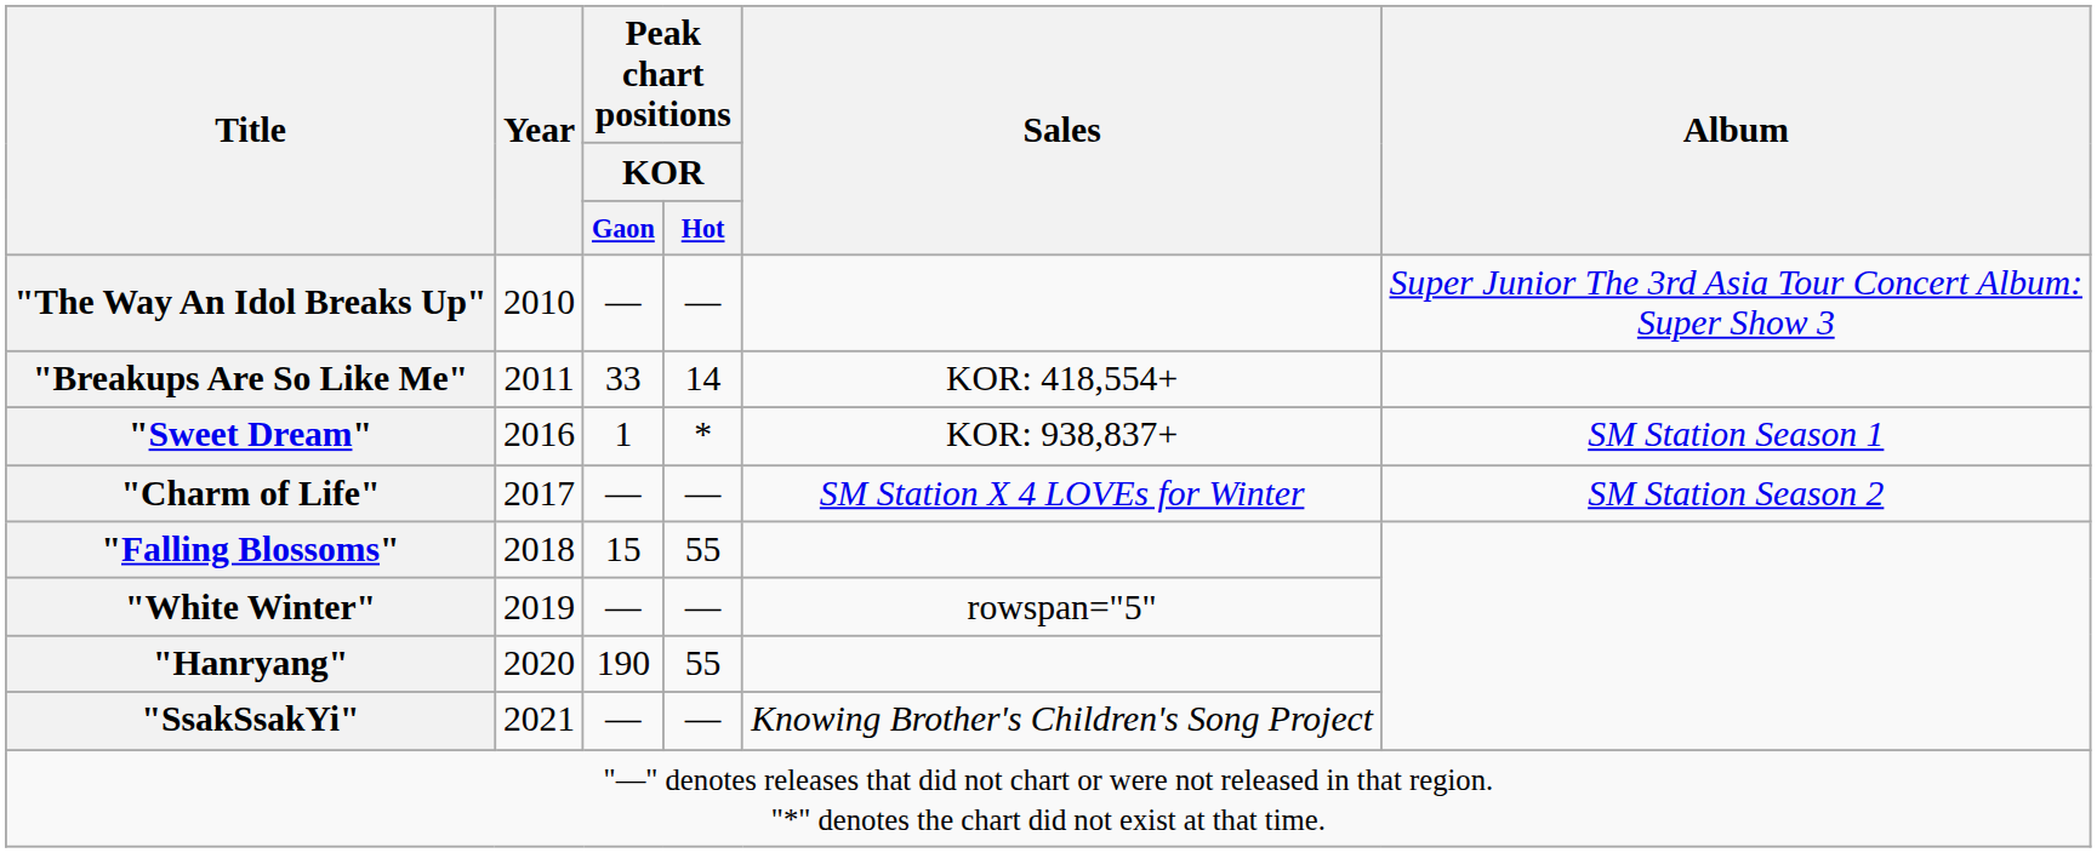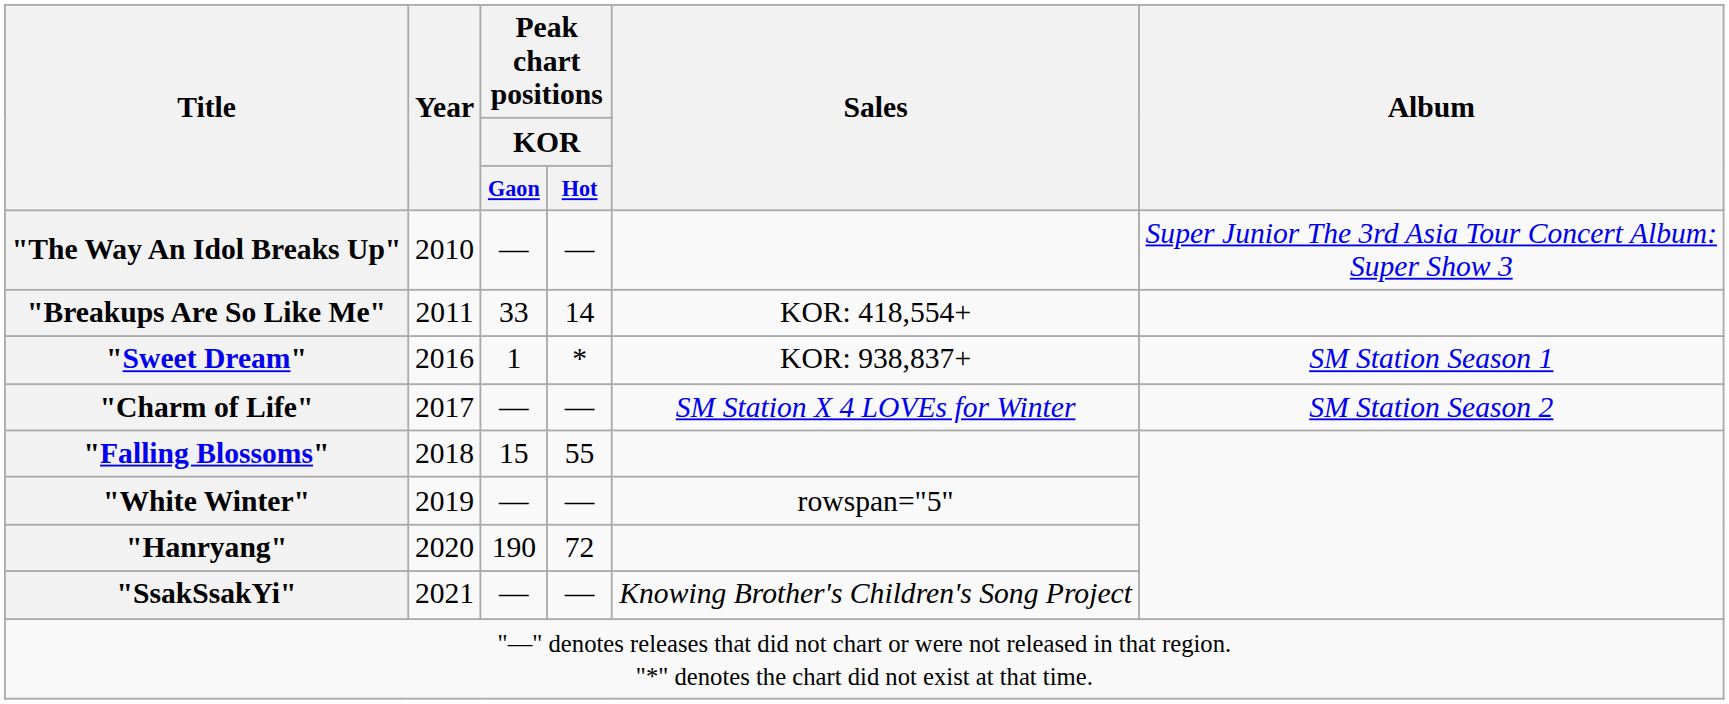 <table class="wikitable plainrowheaders" style="text-align:center;">
 <tr>
 <th scope="col" rowspan="3">Title</th>
 <th scope="col" rowspan="3">Year</th>
 <th scope="col" colspan="2">Peak chart positions</th>
 <th scope="col" rowspan="3">Sales</th>
 <th scope="col" rowspan="3">Album</th>
 </tr>
 <tr>
 <th colspan="2">KOR</th>
 </tr>
 <tr>
 <th scope="col" style="width:2em;font-size:90%;"><a href='#'><small>Gaon</small></a><br></th>
 <th scope="col" style="width:2em;font-size:90%;"><a href='#'><small>Hot</small></a><br></th>
 </tr>
 <tr>
 <th scope="row">"The Way An Idol Breaks Up"<br></th>
 <td>2010</td>
 <td>—</td>
 <td>—</td>
 <td></td>
 <td><em><a href='#'>Super Junior The 3rd Asia Tour Concert Album:<br> Super Show 3</a></em></td>
 </tr>
 <tr>
 <th scope="row">"Breakups Are So Like Me"<br></th>
 <td>2011</td>
 <td>33</td>
 <td>14</td>
 <td>KOR: 418,554+</td>
 <td></td>
 </tr>
 <tr>
 <th scope="row">"<a href='#'>Sweet Dream</a>"<br></th>
 <td>2016</td>
 <td>1</td>
 <td>*</td>
 <td>KOR: 938,837+</td>
 <td><em><a href='#'>SM Station Season 1</a></em></td>
 </tr>
 <tr>
 <th scope="row">"Charm of Life"<br></th>
 <td>2017</td>
 <td>—</td>
 <td>—</td>
 <td><em><a href='#'>SM Station X 4 LOVEs for Winter</a></em></td>
 <td><em><a href='#'>SM Station Season 2</a></em></td>
 </tr>
 <tr>
 <th scope="row">"<a href='#'>Falling Blossoms</a>"<br></th>
 <td>2018</td>
 <td>15</td>
 <td>55</td>
 <td></td>
 </tr>
 <tr>
 <th scope="row">"White Winter"<br></th>
 <td>2019</td>
 <td>—</td>
 <td>—</td>
 <td>rowspan="5" </td>
 </tr>
 <tr>
 <th scope="row">"Hanryang"<br></th>
 <td>2020</td>
 <td>190</td>
-<td>55</td>
+<td>72</td>
 <td></td>
 </tr>
 <tr>
 <th scope="row">"SsakSsakYi"<br></th>
 <td>2021</td>
 <td>—</td>
 <td>—</td>
 <td><em>Knowing Brother's Children's Song Project</em></td>
 </tr>
 <tr>
 <td colspan="6"><small>"—" denotes releases that did not chart or were not released in that region.<br>"*" denotes the chart did not exist at that time.</small></td>
 </tr>
 </table>
